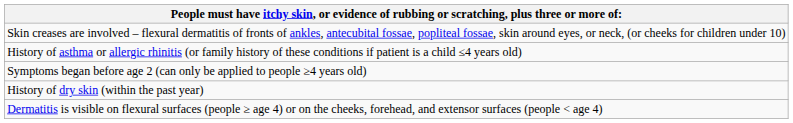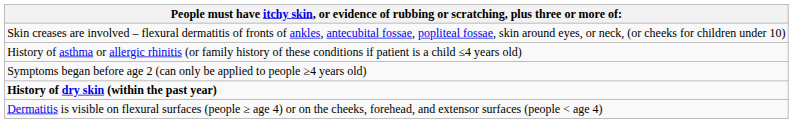 <table class="wikitable">
 <tr>
 <th>People must have <a href='#'>itchy skin</a>, or evidence of rubbing or scratching, plus three or more of:</th>
 </tr>
 <tr>
 <td>Skin creases are involved – flexural dermatitis of fronts of <a href='#'>ankles</a>, <a href='#'>antecubital fossae</a>, <a href='#'>popliteal fossae</a>, skin around eyes, or neck, (or cheeks for children under 10)</td>
 </tr>
 <tr>
 <td>History of <a href='#'>asthma</a> or <a href='#'>allergic rhinitis</a> (or family history of these conditions if patient is a child ≤4 years old)</td>
 </tr>
 <tr>
 <td>Symptoms began before age 2 (can only be applied to people ≥4 years old)</td>
 </tr>
 <tr>
-<td>History of <a href='#'>dry skin</a> (within the past year)</td>
+<td><strong>History of <a href='#'>dry skin</a> (within the past year)</strong></td>
 </tr>
 <tr>
 <td><a href='#'>Dermatitis</a> is visible on flexural surfaces (people ≥ age 4) or on the cheeks, forehead, and extensor surfaces (people < age 4)</td>
 </tr>
 </table>
